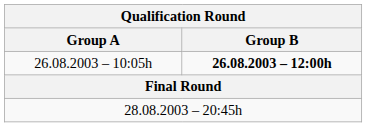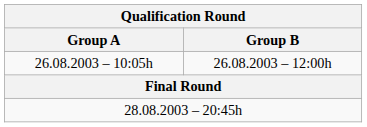 <table class="wikitable" style=" text-align:center; font-size:110%;" width="35%">
 <tr>
 <th colspan="2">Qualification Round</th>
 </tr>
 <tr>
 <th>Group A</th>
 <th>Group B</th>
 </tr>
 <tr>
 <td>26.08.2003 – 10:05h</td>
-<td><strong>26.08.2003 – 12:00h</strong></td>
+<td>26.08.2003 – 12:00h</td>
 </tr>
 <tr>
 <th colspan="2">Final Round</th>
 </tr>
 <tr>
 <td colspan="2">28.08.2003 – 20:45h</td>
 </tr>
 </table>
